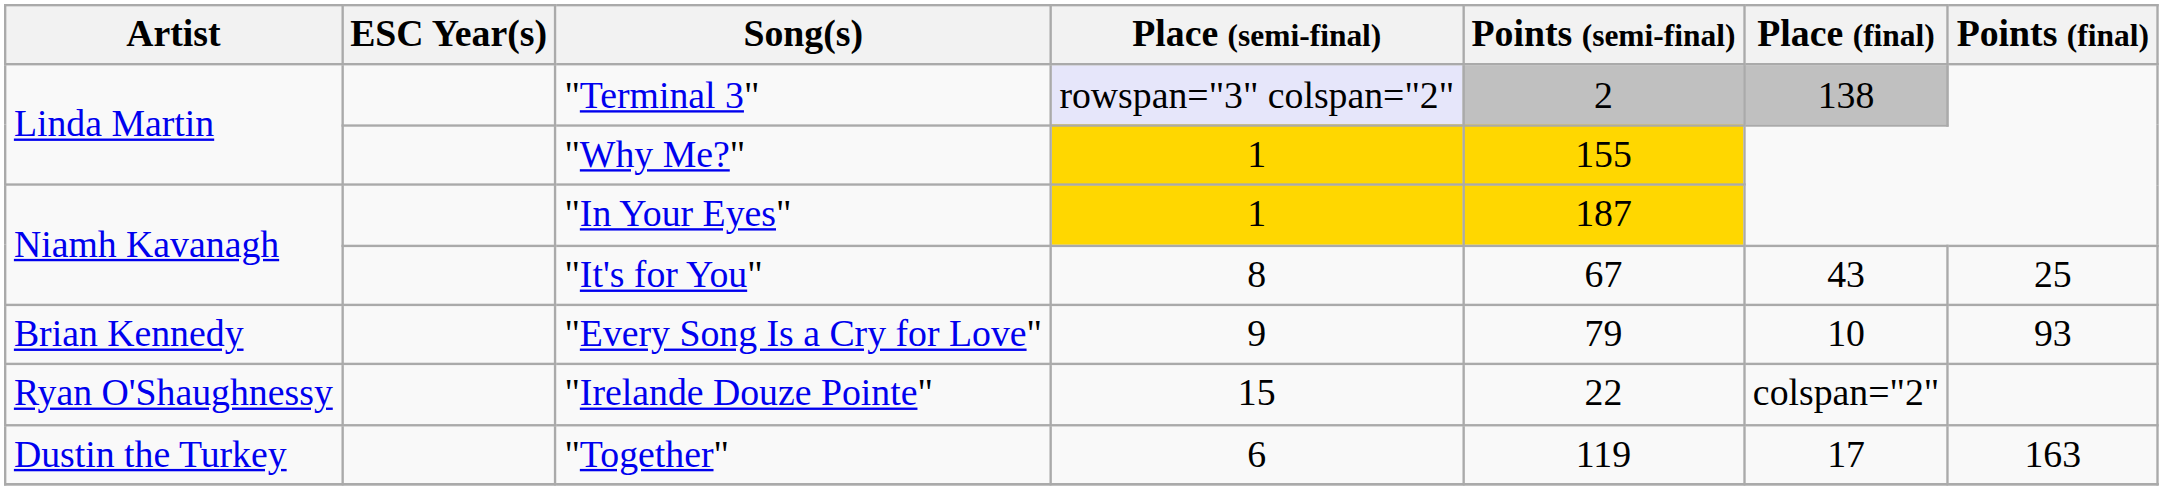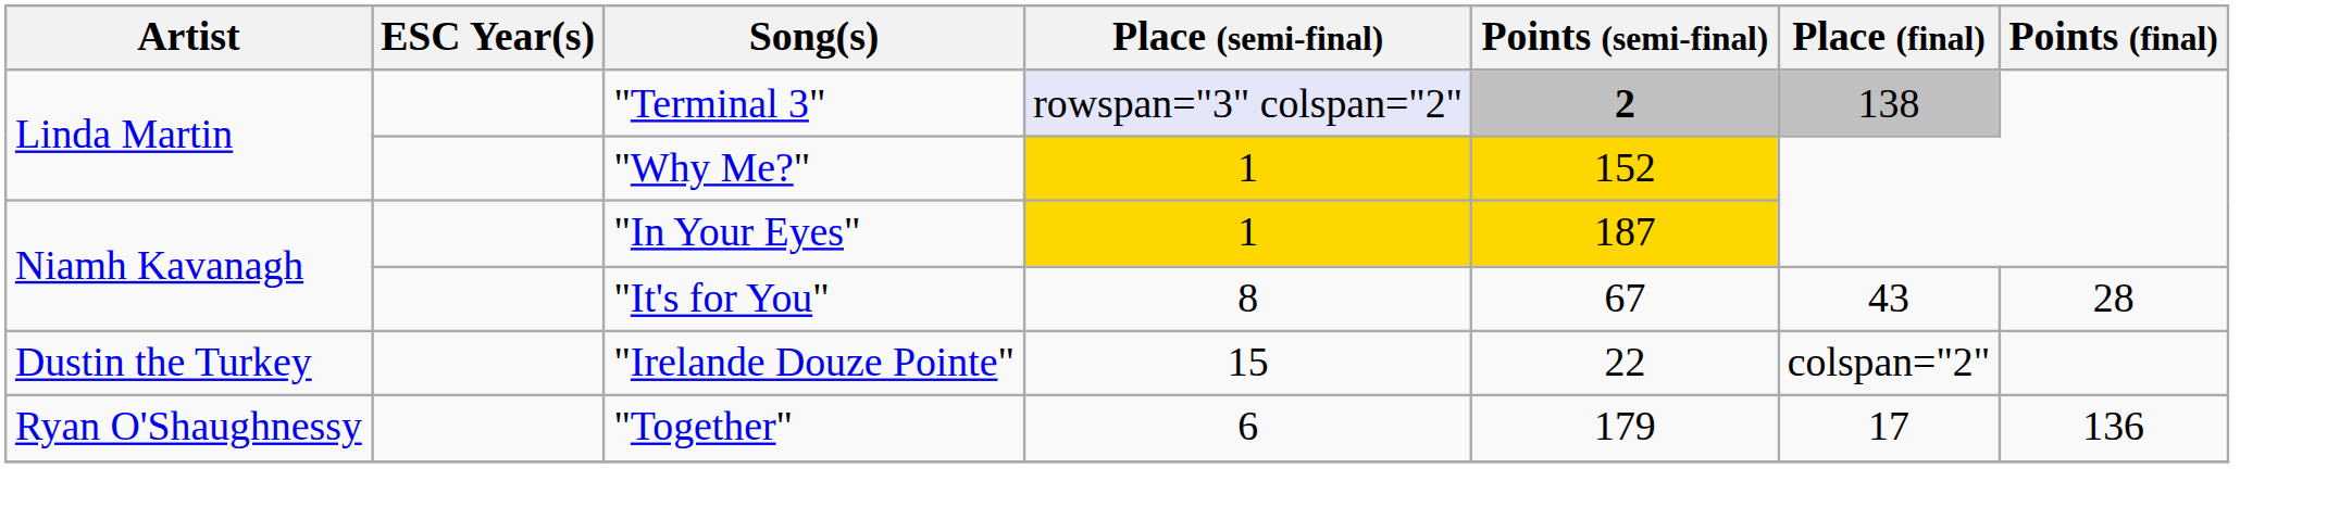 <table class="wikitable">
 <tr>
 <th>Artist</th>
 <th>ESC Year(s)</th>
 <th>Song(s)</th>
 <th>Place <small>(semi-final)</small></th>
 <th>Points <small>(semi-final)</small></th>
 <th>Place <small>(final)</small></th>
 <th>Points <small>(final)</small></th>
 </tr>
 <tr>
 <td rowspan="2"><a href='#'>Linda Martin</a></td>
 <td align=center></td>
 <td>"<a href='#'>Terminal 3</a>"</td>
 <td style="background: lavender;">rowspan="3" colspan="2" </td>
-<td bgcolor="silver" align=center>2</td>
+<td bgcolor="silver" align=center><strong>2</strong></td>
 <td bgcolor="silver" align=center>138</td>
 </tr>
 <tr>
 <td align=center></td>
 <td>"<a href='#'>Why Me?</a>"</td>
 <td bgcolor="gold" align=center>1</td>
-<td bgcolor="gold" align=center>155</td>
+<td bgcolor="gold" align=center>152</td>
 </tr>
 <tr>
 <td rowspan="2"><a href='#'>Niamh Kavanagh</a></td>
 <td align=center></td>
 <td>"<a href='#'>In Your Eyes</a>"</td>
 <td bgcolor="gold" align=center>1</td>
 <td bgcolor="gold" align=center>187</td>
 </tr>
 <tr>
 <td align=center></td>
 <td>"<a href='#'>It's for You</a>"</td>
 <td align=center>8</td>
 <td align=center>67</td>
 <td align=center>43</td>
-<td align=center>25</td>
+<td align=center>28</td>
 </tr>
 <tr>
-<td><a href='#'>Brian Kennedy</a></td>
-<td align=center></td>
-<td>"<a href='#'>Every Song Is a Cry for Love</a>"</td>
-<td align=center>9</td>
-<td align=center>79</td>
-<td align=center>10</td>
-<td align=center>93</td>
-</tr>
-<tr>
-<td><a href='#'>Ryan O'Shaughnessy</a></td>
+<td><a href='#'>Dustin the Turkey</a></td>
 <td align=center></td>
 <td>"<a href='#'>Irelande Douze Pointe</a>"</td>
 <td align=center>15</td>
 <td align=center>22</td>
 <td>colspan="2" </td>
 </tr>
 <tr>
-<td><a href='#'>Dustin the Turkey</a></td>
+<td><a href='#'>Ryan O'Shaughnessy</a></td>
 <td align=center></td>
 <td>"<a href='#'>Together</a>"</td>
 <td align=center>6</td>
-<td align=center>119</td>
+<td align=center>179</td>
 <td align=center>17</td>
-<td align=center>163</td>
+<td align=center>136</td>
 </tr>
 <tr>
 </tr>
 </table>
